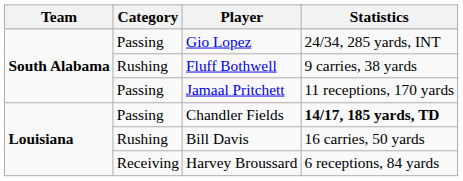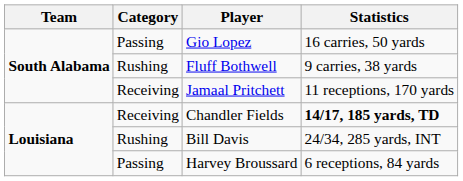 <table class="wikitable" style="float: right;">
 <tr>
 <th>Team</th>
 <th>Category</th>
 <th>Player</th>
 <th>Statistics</th>
 </tr>
 <tr>
 <td rowspan=3><strong>South Alabama</strong></td>
 <td>Passing</td>
 <td><a href='#'>Gio Lopez</a></td>
-<td>24/34, 285 yards, INT</td>
+<td>16 carries, 50 yards</td>
 </tr>
 <tr>
 <td>Rushing</td>
 <td><a href='#'>Fluff Bothwell</a></td>
 <td>9 carries, 38 yards</td>
 </tr>
 <tr>
-<td>Passing</td>
+<td>Receiving</td>
 <td><a href='#'>Jamaal Pritchett</a></td>
 <td>11 receptions, 170 yards</td>
 </tr>
 <tr>
 <td rowspan=3><strong>Louisiana</strong></td>
-<td>Passing</td>
+<td>Receiving</td>
 <td>Chandler Fields</td>
 <td><strong>14/17, 185 yards, TD</strong></td>
 </tr>
 <tr>
 <td>Rushing</td>
 <td>Bill Davis</td>
-<td>16 carries, 50 yards</td>
+<td>24/34, 285 yards, INT</td>
 </tr>
 <tr>
-<td>Receiving</td>
+<td>Passing</td>
 <td>Harvey Broussard</td>
 <td>6 receptions, 84 yards</td>
 </tr>
 </table>
